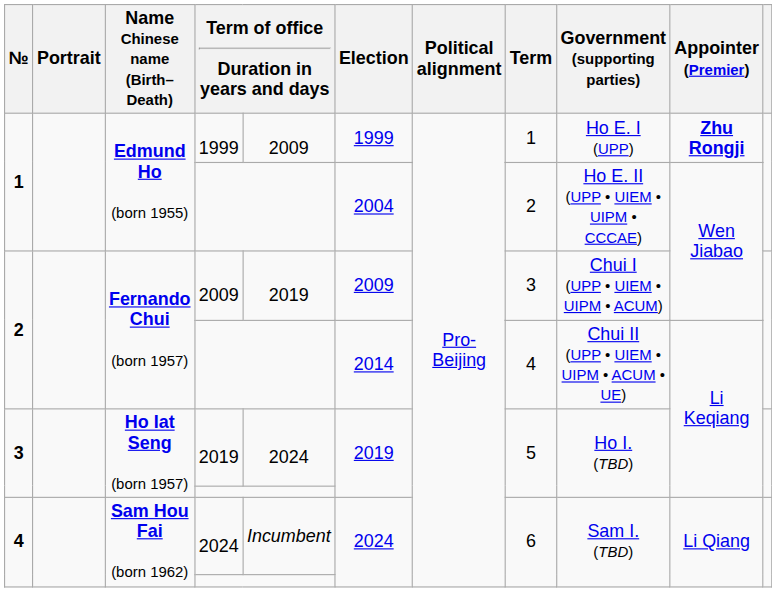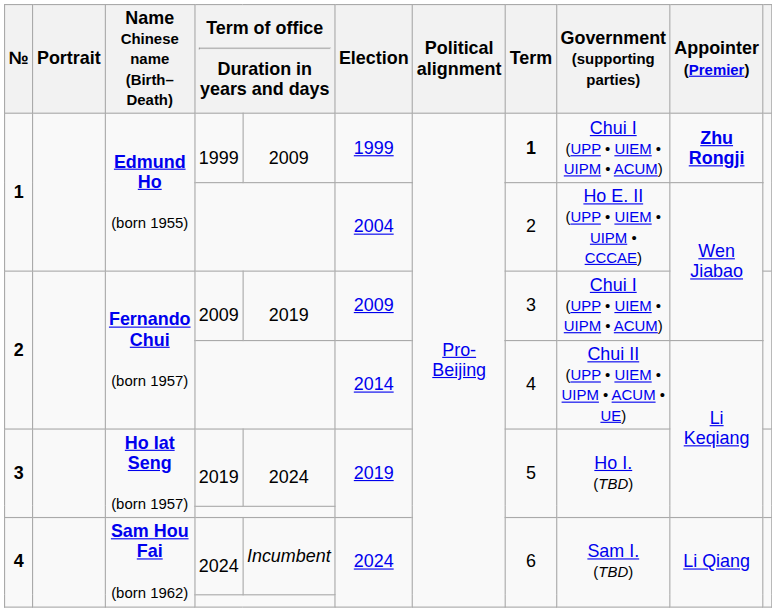 <table class="wikitable" style="text-align: center;">
 <tr>
 <th>№</th>
 <th>Portrait</th>
 <th width=180px>Name<br><small>Chinese name<br>(Birth–Death)</small></th>
 <th colspan=2>Term of office<hr>Duration in years and days</th>
 <th>Election</th>
 <th>Political alignment</th>
 <th>Term<br></th>
 <th>Government<br><small>(supporting parties)</small></th>
 <th>Appointer<br><small><strong>(</strong><a href='#'>Premier</a><strong>)</strong></small></th>
 <th></th>
 </tr>
 <tr>
 <td rowspan=3 style="background:"><strong>1</strong></td>
 <td rowspan=3></td>
 <td rowspan=3><strong><a href='#'>Edmund Ho</a></strong><br><span></span><br><small>(born 1955)</small></td>
 <td rowspan=2><br>1999</td>
 <td rowspan=2><br>2009</td>
 <td><a href='#'>1999</a></td>
 <td rowspan="10"><a href='#'>Pro-Beijing</a></td>
-<td>1</td>
-<td><a href='#'>Ho E. I</a><br><small>(<a href='#'>UPP</a>)</small></td>
+<td><strong>1</strong></td>
+<td><a href='#'>Chui I</a><br><small>(<a href='#'>UPP</a> • <a href='#'>UIEM</a> • <a href='#'>UIPM</a> • <a href='#'>ACUM</a>)</small></td>
 <td><strong><a href='#'>Zhu Rongji</a></strong></td>
 <td rowspan=3></td>
 </tr>
 <tr>
 <td rowspan=2><a href='#'>2004</a></td>
 <td rowspan=2>2</td>
 <td rowspan=2><a href='#'>Ho E. II</a><br><small>(<a href='#'>UPP</a> • <a href='#'>UIEM</a> • <a href='#'>UIPM</a> • <a href='#'>CCCAE</a>)</small></td>
 <td rowspan=3><a href='#'>Wen Jiabao</a></td>
 </tr>
 <tr>
 <td colspan="2" style="font-size:90%; font-weight:normal"></td>
 </tr>
 <tr>
 <td rowspan=3 style="background:"><strong>2</strong></td>
 <td rowspan=3></td>
 <td rowspan=3><strong><a href='#'>Fernando Chui</a></strong><br><span></span><br><small>(born 1957)</small></td>
 <td rowspan=2><br>2009</td>
 <td rowspan=2><br>2019</td>
 <td><a href='#'>2009</a></td>
 <td>3</td>
 <td><a href='#'>Chui I</a><br><small>(<a href='#'>UPP</a> • <a href='#'>UIEM</a> • <a href='#'>UIPM</a> • <a href='#'>ACUM</a>)</small></td>
 <td rowspan=3></td>
 </tr>
 <tr>
 <td rowspan=2><a href='#'>2014</a></td>
 <td rowspan=2>4</td>
 <td rowspan=2><a href='#'>Chui II</a><br><small>(<a href='#'>UPP</a> • <a href='#'>UIEM</a> • <a href='#'>UIPM</a> • <a href='#'>ACUM</a> • <a href='#'>UE</a>)</small></td>
 <td rowspan=4><a href='#'>Li Keqiang</a></td>
 </tr>
 <tr>
 <td colspan="2" style="font-size:90%; font-weight:normal"></td>
 </tr>
 <tr>
 <td rowspan=2 style="background:"><strong>3</strong></td>
 <td rowspan=2></td>
 <td rowspan=2><strong><a href='#'>Ho Iat Seng</a></strong><br><span></span><br><small>(born 1957)</small></td>
 <td><br>2019</td>
 <td><br>2024</td>
 <td rowspan=2><a href='#'>2019</a></td>
 <td rowspan=2>5</td>
 <td rowspan=2><a href='#'>Ho I.</a><br><small>(<em>TBD</em>)</small></td>
 <td rowspan="2"></td>
 </tr>
 <tr>
 <td colspan="2" style="font-size:90%; font-weight:normal"></td>
 </tr>
 <tr>
 <td rowspan=2 style="background:"><strong>4</strong></td>
 <td rowspan=2></td>
 <td rowspan=2><strong><a href='#'>Sam Hou Fai</a></strong><br><span></span><br><small>(born 1962)</small></td>
 <td><br>2024</td>
 <td><em>Incumbent</em></td>
 <td rowspan=2><a href='#'>2024</a></td>
 <td rowspan=2>6</td>
 <td rowspan=2><a href='#'>Sam I.</a><br><small>(<em>TBD</em>)</small></td>
 <td rowspan=2><a href='#'>Li Qiang</a></td>
 <td rowspan="2"></td>
 </tr>
 <tr>
 <td colspan="2" style="font-size:90%; font-weight:normal"></td>
 </tr>
 </table>
